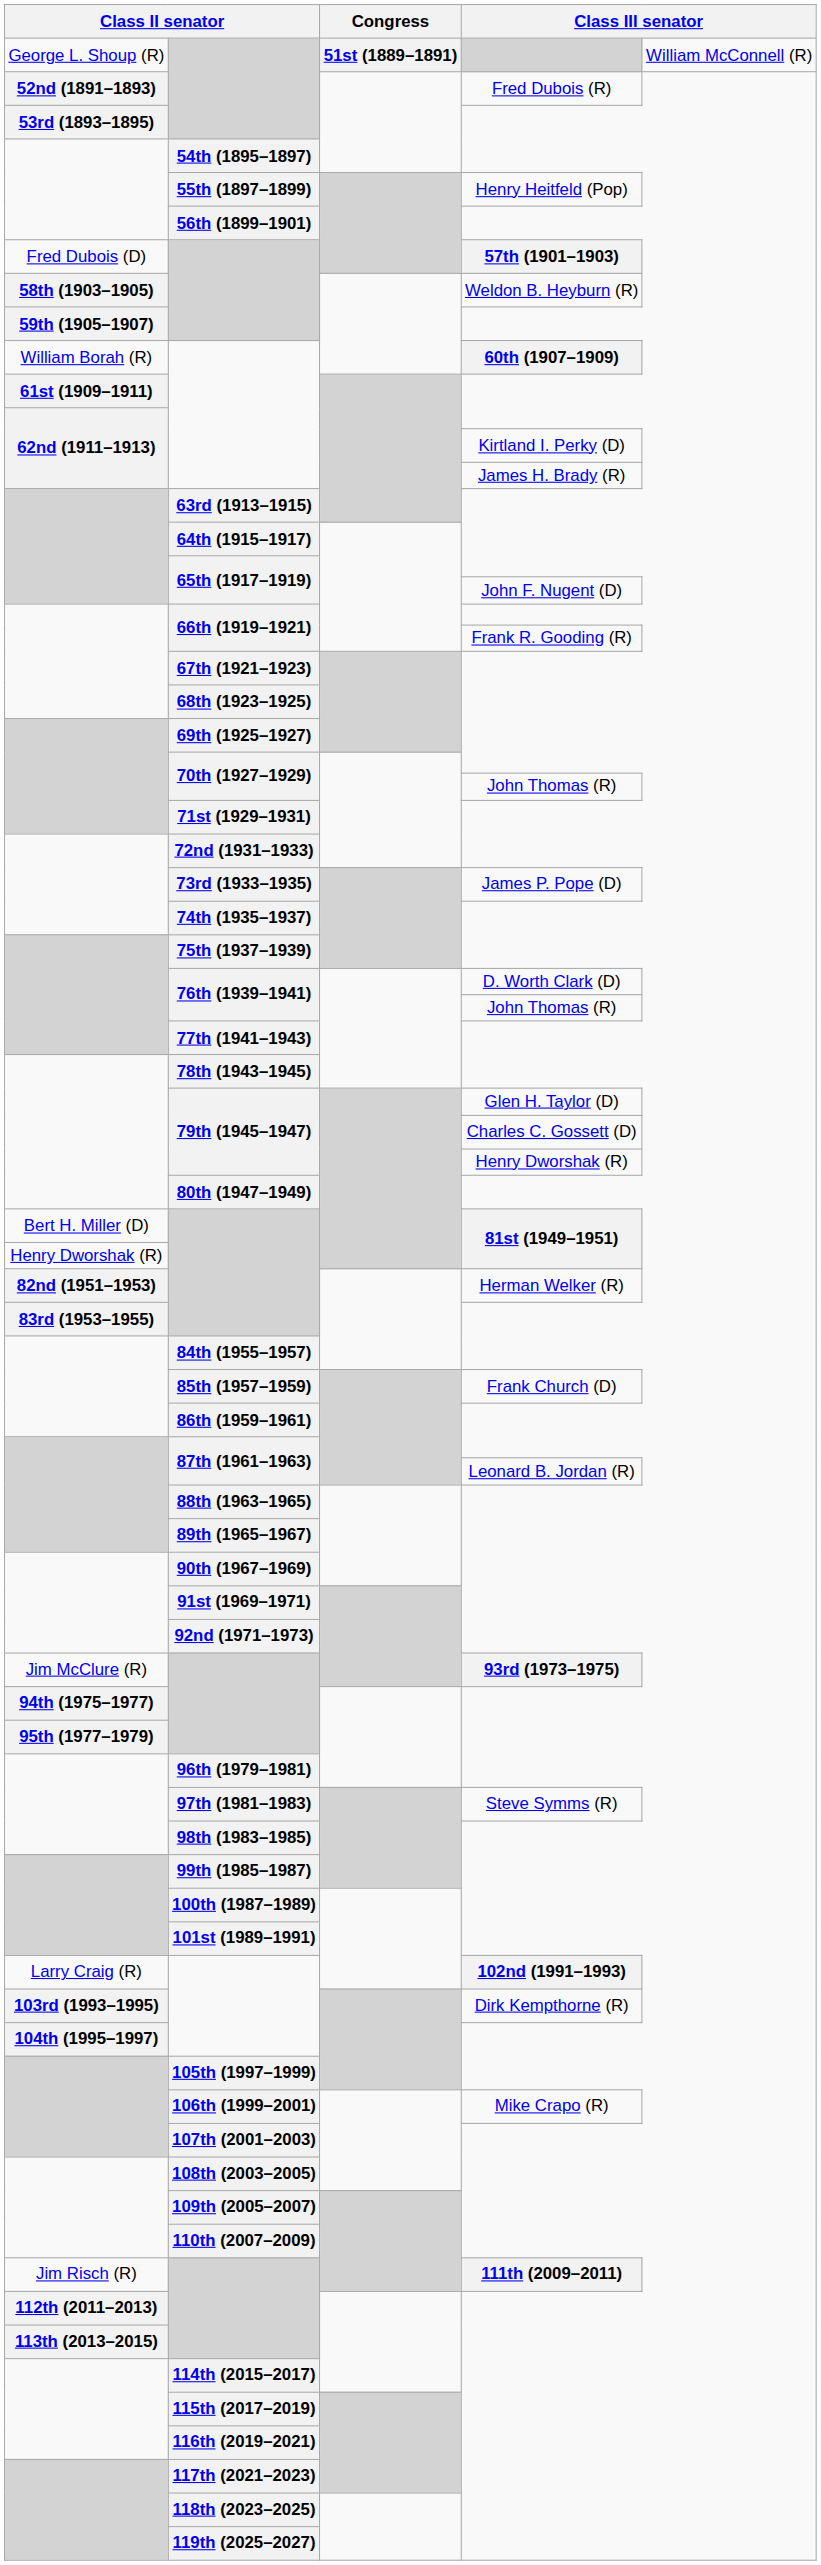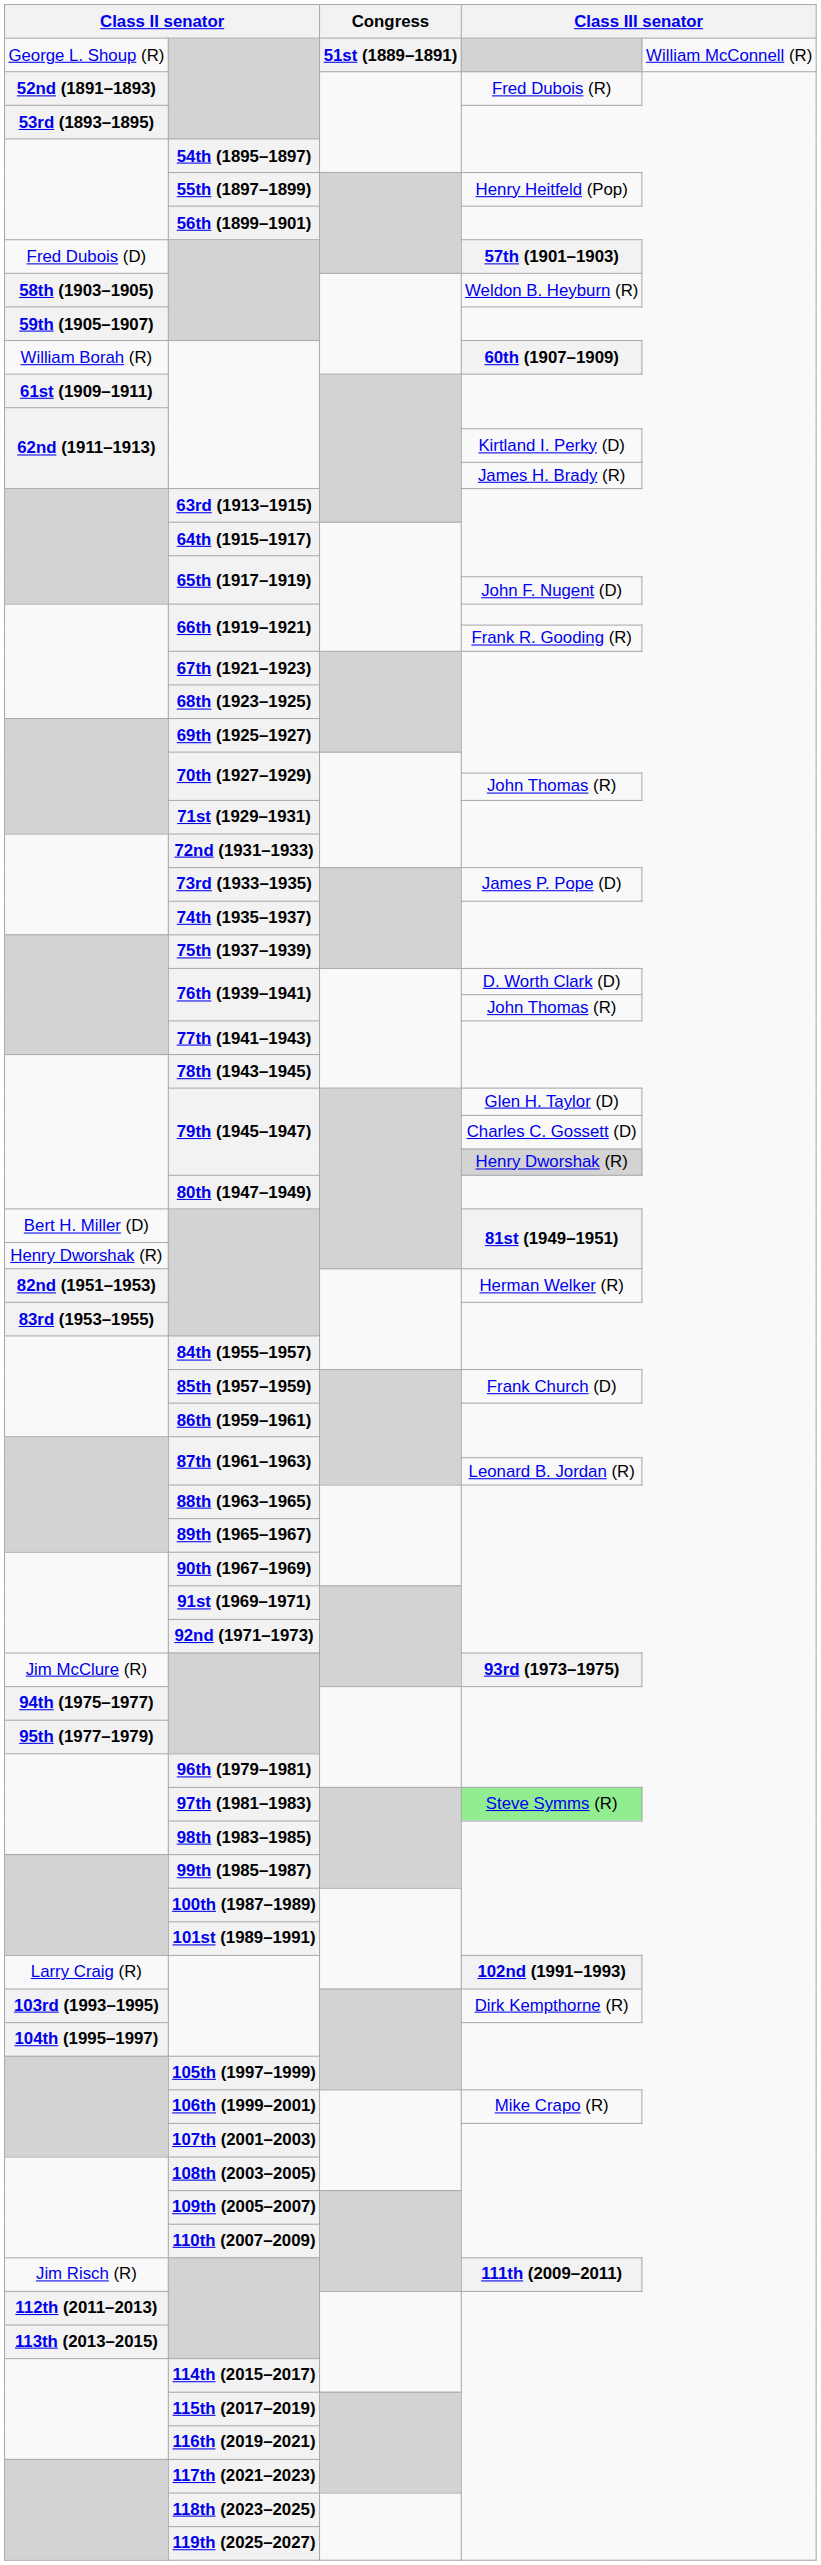 <table class="wikitable sticky-header" style="text-align:center">
 <tr align=center style="height:2em">
 <th scope="colgroup" colspan="2"><a href='#'>Class II senator</a></th>
 <th scope="col">Congress</th>
 <th scope="colgroup" colspan="2"><a href='#'>Class III senator</a></th>
 </tr>
 <tr style="height:2em">
 <td><a href='#'>George L. Shoup</a> (R)</td>
 <td rowspan="3" style="background: #D3D3D3"></td>
 <th scope="row"><a href='#'>51st</a> (1889–1891)</th>
 <td style="background: #D3D3D3"></td>
 <td><a href='#'>William McConnell</a> (R)</td>
 </tr>
 <tr style="height:2em">
 <th scope="row"><a href='#'>52nd</a> (1891–1893)</th>
 <td rowspan="3"></td>
 <td><a href='#'>Fred Dubois</a> (R)</td>
 </tr>
 <tr style="height:2em">
 <th scope="row"><a href='#'>53rd</a> (1893–1895)</th>
 </tr>
 <tr style="height:2em">
 <td rowspan="3"></td>
 <th scope="row"><a href='#'>54th</a> (1895–1897)</th>
 </tr>
 <tr style="height:2em">
 <th scope="row"><a href='#'>55th</a> (1897–1899)</th>
 <td rowspan="3" style="background: #D3D3D3"></td>
 <td><a href='#'>Henry Heitfeld</a> (Pop)</td>
 </tr>
 <tr style="height:2em">
 <th scope="row"><a href='#'>56th</a> (1899–1901)</th>
 </tr>
 <tr style="height:2em">
 <td><a href='#'>Fred Dubois</a> (D)</td>
 <td rowspan="3" style="background: #D3D3D3"></td>
 <th scope="row"><a href='#'>57th</a> (1901–1903)</th>
 </tr>
 <tr style="height:2em">
 <th scope="row"><a href='#'>58th</a> (1903–1905)</th>
 <td rowspan="3"></td>
 <td><a href='#'>Weldon B. Heyburn</a> (R)</td>
 </tr>
 <tr style="height:2em">
 <th scope="row"><a href='#'>59th</a> (1905–1907)</th>
 </tr>
 <tr style="height:2em">
 <td><a href='#'>William Borah</a> (R)</td>
 <td rowspan="5"></td>
 <th scope="row"><a href='#'>60th</a> (1907–1909)</th>
 </tr>
 <tr style="height:2em">
 <th scope="row"><a href='#'>61st</a> (1909–1911)</th>
 <td rowspan="5" style="background: #D3D3D3"></td>
 </tr>
 <tr style="height:1.25em">
 <th scope="row" rowspan=3><a href='#'>62nd</a> (1911–1913)</th>
 </tr>
 <tr style="height:2em">
 <td><a href='#'>Kirtland I. Perky</a> (D)</td>
 </tr>
 <tr style="height:1.25em">
 <td><a href='#'>James H. Brady</a> (R)</td>
 </tr>
 <tr style="height:2em">
 <td rowspan="4" style="background: #D3D3D3"></td>
 <th scope="row"><a href='#'>63rd</a> (1913–1915)</th>
 </tr>
 <tr style="height:2em">
 <th scope="row"><a href='#'>64th</a> (1915–1917)</th>
 <td rowspan="5"></td>
 </tr>
 <tr style="height:1.25em">
 <th scope="row" rowspan="2"><a href='#'>65th</a> (1917–1919)</th>
 </tr>
 <tr style="height:1.25em">
 <td><a href='#'>John F. Nugent</a> (D)</td>
 </tr>
 <tr style="height:1.25em">
 <td rowspan="4"></td>
 <th scope="row" rowspan=2><a href='#'>66th</a> (1919–1921)</th>
 </tr>
 <tr style="height:1.25em">
 <td><a href='#'>Frank R. Gooding</a> (R)</td>
 </tr>
 <tr style="height:2em">
 <th scope="row"><a href='#'>67th</a> (1921–1923)</th>
 <td rowspan="3" style="background: #D3D3D3"></td>
 </tr>
 <tr style="height:2em">
 <th scope="row"><a href='#'>68th</a> (1923–1925)</th>
 </tr>
 <tr style="height:2em">
 <td rowspan="4" style="background: #D3D3D3"></td>
 <th scope="row"><a href='#'>69th</a> (1925–1927)</th>
 </tr>
 <tr style="height:1.25em">
 <th scope="row" rowspan=2><a href='#'>70th</a> (1927–1929)</th>
 <td rowspan="4"></td>
 </tr>
 <tr style="height:1.25em">
 <td><a href='#'>John Thomas</a> (R)</td>
 </tr>
 <tr style="height:2em">
 <th scope="row"><a href='#'>71st</a> (1929–1931)</th>
 </tr>
 <tr style="height:2em">
 <td rowspan="3"></td>
 <th scope="row"><a href='#'>72nd</a> (1931–1933)</th>
 </tr>
 <tr style="height:2em">
 <th scope="row"><a href='#'>73rd</a> (1933–1935)</th>
 <td rowspan="3" style="background: #D3D3D3"></td>
 <td><a href='#'>James P. Pope</a> (D)</td>
 </tr>
 <tr style="height:2em">
 <th scope="row"><a href='#'>74th</a> (1935–1937)</th>
 </tr>
 <tr style="height:2em">
 <td rowspan="4" style="background: #D3D3D3"></td>
 <th scope="row"><a href='#'>75th</a> (1937–1939)</th>
 </tr>
 <tr style="height:1.25em">
 <th scope="row" rowspan=2><a href='#'>76th</a> (1939–1941)</th>
 <td rowspan="4"></td>
 <td><a href='#'>D. Worth Clark</a> (D)</td>
 </tr>
 <tr style="height:1.25em">
 <td><a href='#'>John Thomas</a> (R)</td>
 </tr>
 <tr style="height:2em">
 <th scope="row"><a href='#'>77th</a> (1941–1943)</th>
 </tr>
 <tr style="height:2em">
 <td rowspan="5"></td>
 <th scope="row"><a href='#'>78th</a> (1943–1945)</th>
 </tr>
 <tr style="height:1.25em">
 <th scope="row" rowspan=3><a href='#'>79th</a> (1945–1947)</th>
 <td rowspan="6" style="background: #D3D3D3"></td>
 <td><a href='#'>Glen H. Taylor</a> (D)</td>
 </tr>
 <tr style="height:2em">
 <td><a href='#'>Charles C. Gossett</a> (D)</td>
 </tr>
 <tr style="height:1.25em">
-<td><a href='#'>Henry Dworshak</a> (R)</td>
+<td style="background: lightgrey;"><a href='#'>Henry Dworshak</a> (R)</td>
 </tr>
 <tr style="height:2em">
 <th scope="row"><a href='#'>80th</a> (1947–1949)</th>
 </tr>
 <tr style="height:2em">
 <td><a href='#'>Bert H. Miller</a> (D)</td>
 <td rowspan="4" style="background: #D3D3D3"></td>
 <th scope="row" rowspan=2><a href='#'>81st</a> (1949–1951)</th>
 </tr>
 <tr style="height:1.25em">
 <td><a href='#'>Henry Dworshak</a> (R)</td>
 </tr>
 <tr style="height:2em">
 <th scope="row"><a href='#'>82nd</a> (1951–1953)</th>
 <td rowspan="3"></td>
 <td><a href='#'>Herman Welker</a> (R)</td>
 </tr>
 <tr style="height:2em">
 <th scope="row"><a href='#'>83rd</a> (1953–1955)</th>
 </tr>
 <tr style="height:2em">
 <td rowspan="3"></td>
 <th scope="row"><a href='#'>84th</a> (1955–1957)</th>
 </tr>
 <tr style="height:2em">
 <th scope="row"><a href='#'>85th</a> (1957–1959)</th>
 <td rowspan="4" style="background: #D3D3D3"></td>
 <td><a href='#'>Frank Church</a> (D)</td>
 </tr>
 <tr style="height:2em">
 <th scope="row"><a href='#'>86th</a> (1959–1961)</th>
 </tr>
 <tr style="height:1.25em">
 <td rowspan="4" style="background: #D3D3D3"></td>
 <th scope="row" rowspan=2><a href='#'>87th</a> (1961–1963)</th>
 </tr>
 <tr style="height:1.25em">
 <td><a href='#'>Leonard B. Jordan</a> (R)</td>
 </tr>
 <tr style="height:2em">
 <th scope="row"><a href='#'>88th</a> (1963–1965)</th>
 <td rowspan="3"></td>
 </tr>
 <tr style="height:2em">
 <th scope="row"><a href='#'>89th</a> (1965–1967)</th>
 </tr>
 <tr style="height:2em">
 <td rowspan="3"></td>
 <th scope="row"><a href='#'>90th</a> (1967–1969)</th>
 </tr>
 <tr style="height:2em">
 <th scope="row"><a href='#'>91st</a> (1969–1971)</th>
 <td rowspan="3" style="background: #D3D3D3"></td>
 </tr>
 <tr style="height:2em">
 <th scope="row"><a href='#'>92nd</a> (1971–1973)</th>
 </tr>
 <tr style="height:2em">
 <td><a href='#'>Jim McClure</a> (R)</td>
 <td rowspan="3" style="background: #D3D3D3"></td>
 <th scope="row"><a href='#'>93rd</a> (1973–1975)</th>
 </tr>
 <tr style="height:2em">
 <th scope="row"><a href='#'>94th</a> (1975–1977)</th>
 <td rowspan="3"></td>
 </tr>
 <tr style="height:2em">
 <th scope="row"><a href='#'>95th</a> (1977–1979)</th>
 </tr>
 <tr style="height:2em">
 <td rowspan="3"></td>
 <th scope="row"><a href='#'>96th</a> (1979–1981)</th>
 </tr>
 <tr style="height:2em">
 <th scope="row"><a href='#'>97th</a> (1981–1983)</th>
 <td rowspan="3" style="background: #D3D3D3"></td>
-<td><a href='#'>Steve Symms</a> (R)</td>
+<td style="background: lightgreen;"><a href='#'>Steve Symms</a> (R)</td>
 </tr>
 <tr style="height:2em">
 <th scope="row"><a href='#'>98th</a> (1983–1985)</th>
 </tr>
 <tr style="height:2em">
 <td rowspan="3" style="background: #D3D3D3"></td>
 <th scope="row"><a href='#'>99th</a> (1985–1987)</th>
 </tr>
 <tr style="height:2em">
 <th scope="row"><a href='#'>100th</a> (1987–1989)</th>
 <td rowspan="3"></td>
 </tr>
 <tr style="height:2em">
 <th scope="row"><a href='#'>101st</a> (1989–1991)</th>
 </tr>
 <tr style="height:2em">
 <td><a href='#'>Larry Craig</a> (R)</td>
 <td rowspan="3"></td>
 <th scope="row"><a href='#'>102nd</a> (1991–1993)</th>
 </tr>
 <tr style="height:2em">
 <th scope="row"><a href='#'>103rd</a> (1993–1995)</th>
 <td rowspan="3" style="background: #D3D3D3"></td>
 <td><a href='#'>Dirk Kempthorne</a> (R)</td>
 </tr>
 <tr style="height:2em">
 <th scope="row"><a href='#'>104th</a> (1995–1997)</th>
 </tr>
 <tr style="height:2em">
 <td rowspan="3" style="background: #D3D3D3"></td>
 <th scope="row"><a href='#'>105th</a> (1997–1999)</th>
 </tr>
 <tr style="height:2em">
 <th scope="row"><a href='#'>106th</a> (1999–2001)</th>
 <td rowspan="3"></td>
 <td><a href='#'>Mike Crapo</a> (R)</td>
 </tr>
 <tr style="height:2em">
 <th scope="row"><a href='#'>107th</a> (2001–2003)</th>
 </tr>
 <tr style="height:2em">
 <td rowspan="3"></td>
 <th scope="row"><a href='#'>108th</a> (2003–2005)</th>
 </tr>
 <tr style="height:2em">
 <th scope="row"><a href='#'>109th</a> (2005–2007)</th>
 <td rowspan="3" style="background: #D3D3D3"></td>
 </tr>
 <tr style="height:2em">
 <th scope="row"><a href='#'>110th</a> (2007–2009)</th>
 </tr>
 <tr style="height:2em">
 <td><a href='#'>Jim Risch</a> (R)</td>
 <td rowspan="3" style="background: #D3D3D3"></td>
 <th scope="row"><a href='#'>111th</a> (2009–2011)</th>
 </tr>
 <tr style="height:2em">
 <th scope="row"><a href='#'>112th</a> (2011–2013)</th>
 <td rowspan="3"></td>
 </tr>
 <tr style="height:2em">
 <th scope="row"><a href='#'>113th</a> (2013–2015)</th>
 </tr>
 <tr style="height:2em">
 <td rowspan="3"></td>
 <th scope="row"><a href='#'>114th</a> (2015–2017)</th>
 </tr>
 <tr style="height:2em">
 <th scope="row"><a href='#'>115th</a> (2017–2019)</th>
 <td rowspan="3" style="background: #D3D3D3"></td>
 </tr>
 <tr style="height:2em">
 <th scope="row"><a href='#'>116th</a> (2019–2021)</th>
 </tr>
 <tr style="height:2em">
 <td rowspan="3" style="background: #D3D3D3"></td>
 <th scope="row"><a href='#'>117th</a> (2021–2023)</th>
 </tr>
 <tr style="height:2em">
 <th scope="row"><a href='#'>118th</a> (2023–2025)</th>
 <td rowspan="2"></td>
 </tr>
 <tr style="height:2em">
 <th scope="row"><a href='#'>119th</a> (2025–2027)</th>
 </tr>
 </table>
